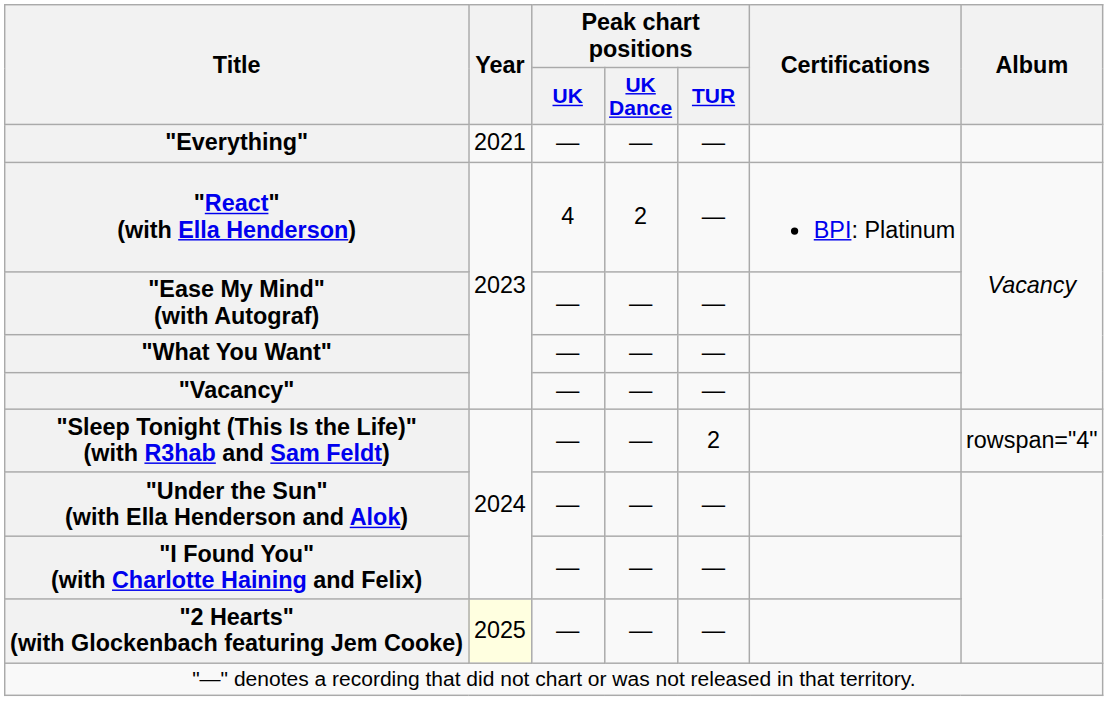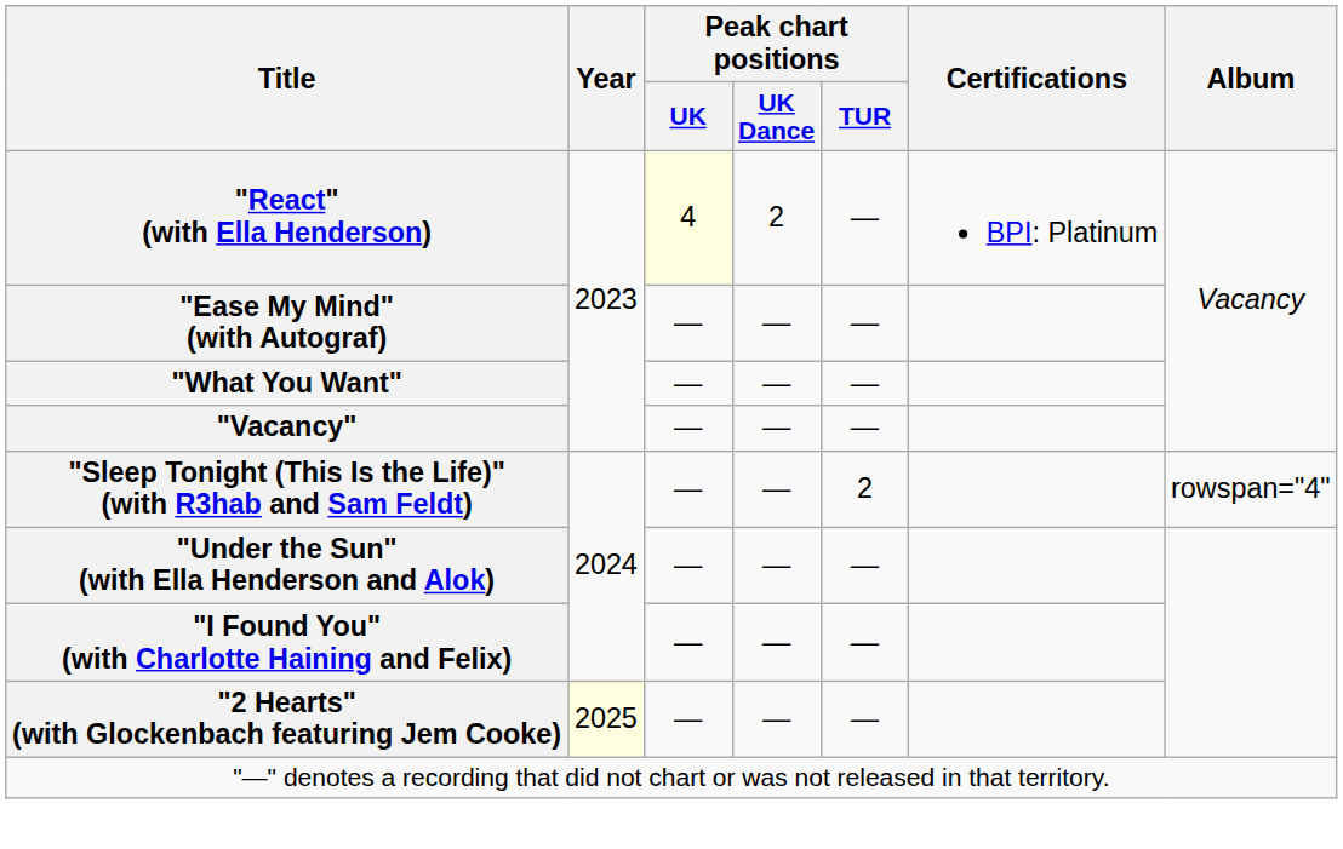 <table class="wikitable plainrowheaders" style="text-align:center;">
 <tr>
 <th scope="col" rowspan="2">Title</th>
 <th scope="col" rowspan="2">Year</th>
 <th colspan="3" scope="col">Peak chart positions</th>
 <th scope="col" rowspan="2">Certifications</th>
 <th scope="col" rowspan="2">Album</th>
 </tr>
 <tr>
 <th scope="col" style="width:3em;font-size:90%;"><a href='#'>UK</a><br></th>
 <th scope="col" style="width:3em;font-size:90%;"><a href='#'>UK<br>Dance</a><br></th>
 <th scope="col" style="width:3em;font-size:90%;"><a href='#'>TUR</a><br></th>
 </tr>
 <tr>
-<th scope="row">"Everything"</th>
-<td>2021</td>
-<td>—</td>
-<td>—</td>
-<td>—</td>
-<td></td>
-<td></td>
-</tr>
-<tr>
 <th scope="row">"<a href='#'>React</a>"<br><span>(with <a href='#'>Ella Henderson</a>)</span></th>
 <td rowspan="4">2023</td>
-<td>4</td>
+<td style="background: lightyellow;">4</td>
 <td>2</td>
 <td>—</td>
 <td><br><ul><li><a href='#'>BPI</a>: Platinum</li></ul></td>
 <td rowspan="4"><em>Vacancy</em></td>
 </tr>
 <tr>
 <th scope="row">"Ease My Mind"<br><span>(with Autograf)</span></th>
 <td>—</td>
 <td>—</td>
 <td>—</td>
 <td></td>
 </tr>
 <tr>
 <th scope="row">"What You Want"</th>
 <td>—</td>
 <td>—</td>
 <td>—</td>
 <td></td>
 </tr>
 <tr>
 <th scope="row">"Vacancy"</th>
 <td>—</td>
 <td>—</td>
 <td>—</td>
 <td></td>
 </tr>
 <tr>
 <th scope="row">"Sleep Tonight (This Is the Life)"<br><span>(with <a href='#'>R3hab</a> and <a href='#'>Sam Feldt</a>)</span></th>
 <td rowspan="3">2024</td>
 <td>—</td>
 <td>—</td>
 <td>2</td>
 <td></td>
 <td>rowspan="4" </td>
 </tr>
 <tr>
 <th scope="row">"Under the Sun"<br><span>(with Ella Henderson and <a href='#'>Alok</a>)</span></th>
 <td>—</td>
 <td>—</td>
 <td>—</td>
 <td></td>
 </tr>
 <tr>
 <th scope="row">"I Found You"<br><span>(with <a href='#'>Charlotte Haining</a> and Felix)</span></th>
 <td>—</td>
 <td>—</td>
 <td>—</td>
 <td></td>
 </tr>
 <tr>
 <th scope="row">"2 Hearts"<br><span>(with Glockenbach featuring Jem Cooke)</span></th>
 <td rowspan="1" style="background: lightyellow;">2025</td>
 <td>—</td>
 <td>—</td>
 <td>—</td>
 <td></td>
 </tr>
 <tr>
 <td colspan="7" style="font-size:90%">"—" denotes a recording that did not chart or was not released in that territory.</td>
 </tr>
 </table>
